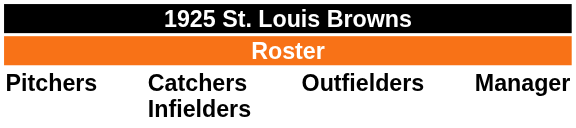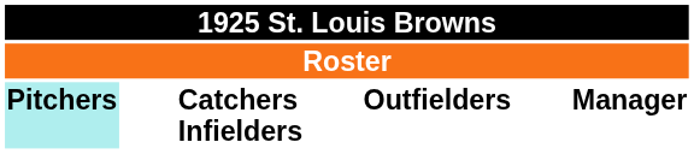 <table class="toccolours" style="font-size: 95%;">
 <tr>
 <th colspan="10" style="background-color: black; color: white; text-align: center;">1925 St. Louis Browns</th>
 </tr>
 <tr>
 <td colspan="10" style="background-color: #F87217; color: white; text-align: center;"><strong>Roster</strong></td>
 </tr>
 <tr>
-<td valign="top"><strong>Pitchers</strong><br>            </td>
+<td valign="top" style="background: paleturquoise;"><strong>Pitchers</strong><br>            </td>
 <td width="25px"></td>
 <td valign="top"><strong>Catchers</strong><br>    <strong>Infielders</strong>      </td>
 <td width="25px"></td>
 <td valign="top"><strong>Outfielders</strong><br>     </td>
 <td width="25px"></td>
 <td valign="top"><strong>Manager</strong><br></td>
 </tr>
 <tr>
 </tr>
 </table>
